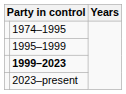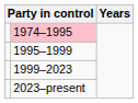 <table class="wikitable">
 <tr>
 <th colspan=2>Party in control</th>
 <th>Years</th>
 </tr>
 <tr>
 <td></td>
-<td>1974–1995</td>
+<td style="background: pink;">1974–1995</td>
 </tr>
 <tr>
 <td></td>
 <td>1995–1999</td>
 </tr>
 <tr>
 <td></td>
-<td><strong>1999–2023</strong></td>
+<td>1999–2023</td>
 </tr>
 <tr>
 <td></td>
 <td>2023–present</td>
 </tr>
 </table>
